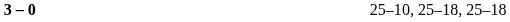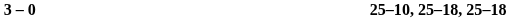 <table width=100% cellspacing=1>
 <tr>
 <th width=20%></th>
 <th width=12%></th>
 <th width=20%></th>
 <th width=33%></th>
 <td></td>
 </tr>
 <tr style=font-size:95%>
 <td align=right><strong></strong></td>
 <td align=center><strong>3 – 0</strong></td>
 <td></td>
-<td>25–10, 25–18, 25–18</td>
+<td><strong>25–10, 25–18, 25–18</strong></td>
 </tr>
 </table>
